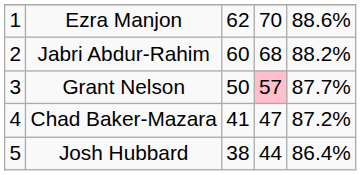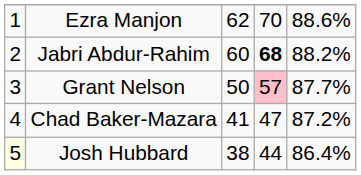 <table class="wikitable sortable" style="text-align:center">
 <tr>
 </tr>
 <tr>
 <td>1</td>
 <td>Ezra Manjon</td>
 <td>62</td>
 <td>70</td>
 <td>88.6%</td>
 </tr>
 <tr>
 <td>2</td>
 <td>Jabri Abdur-Rahim</td>
 <td>60</td>
-<td>68</td>
+<td><strong>68</strong></td>
 <td>88.2%</td>
 </tr>
 <tr>
 <td>3</td>
 <td>Grant Nelson</td>
 <td>50</td>
 <td style="background: pink;">57</td>
 <td>87.7%</td>
 </tr>
 <tr>
 <td>4</td>
 <td>Chad Baker-Mazara</td>
 <td>41</td>
 <td>47</td>
 <td>87.2%</td>
 </tr>
 <tr>
-<td>5</td>
+<td style="background: lightyellow;">5</td>
 <td>Josh Hubbard</td>
 <td>38</td>
 <td>44</td>
 <td>86.4%</td>
 </tr>
 </table>
